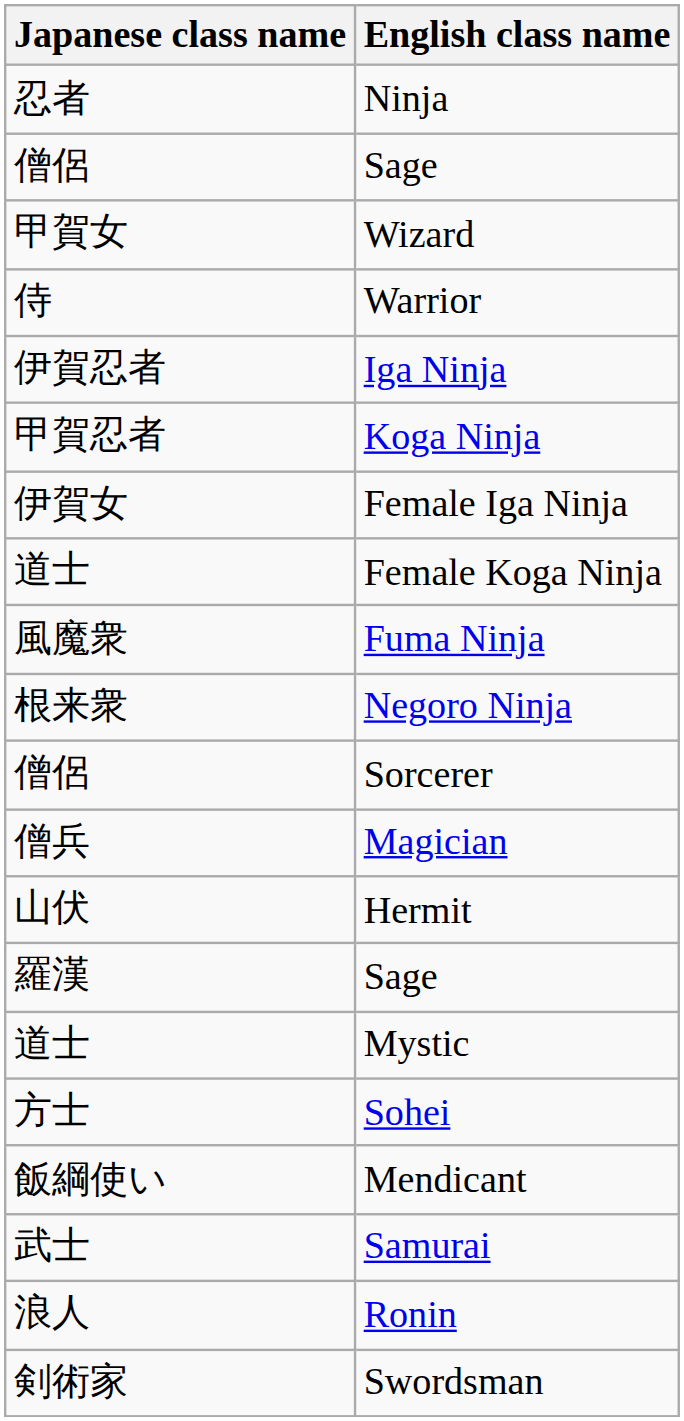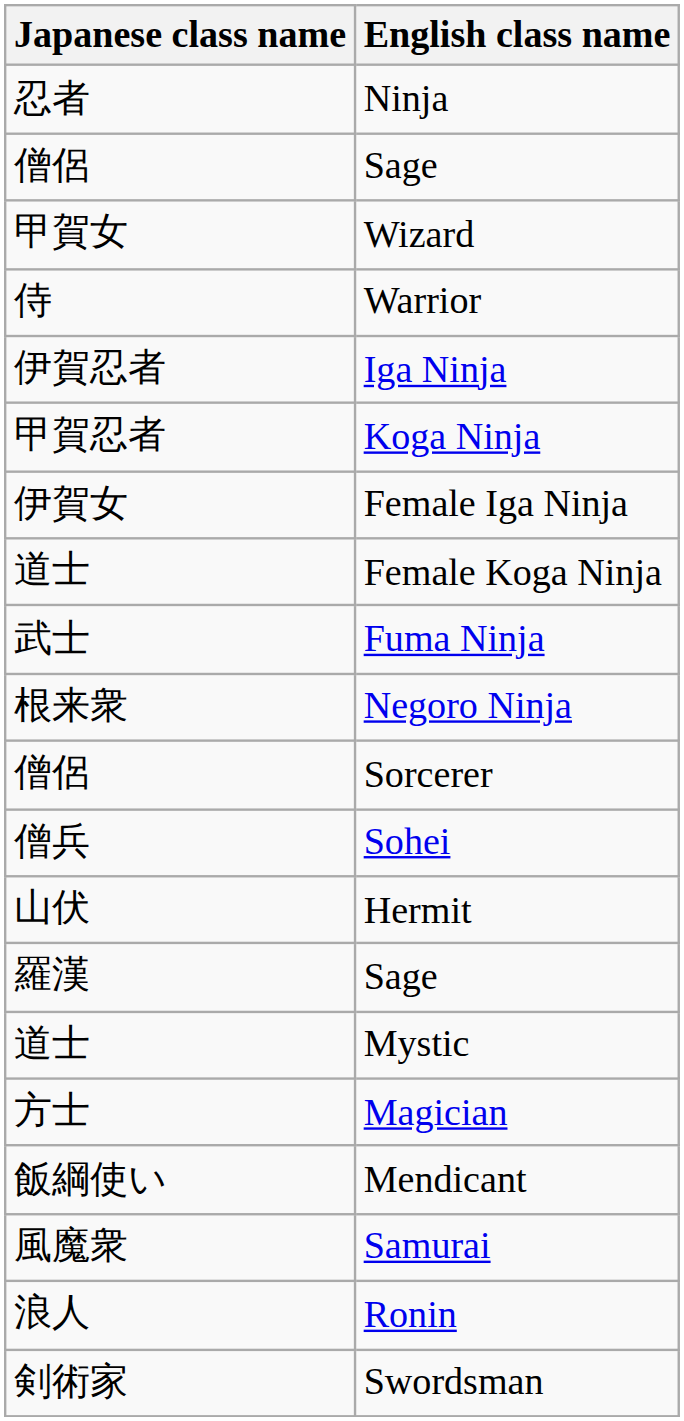 <table class="wikitable">
 <tr>
 <th>Japanese class name</th>
 <th>English class name</th>
 </tr>
 <tr>
 <td>忍者</td>
 <td>Ninja</td>
 </tr>
 <tr>
 <td>僧侶</td>
 <td>Sage</td>
 </tr>
 <tr>
 <td>甲賀女</td>
 <td>Wizard</td>
 </tr>
 <tr>
 <td>侍</td>
 <td>Warrior</td>
 </tr>
 <tr>
 <td>伊賀忍者</td>
 <td><a href='#'>Iga Ninja</a></td>
 </tr>
 <tr>
 <td>甲賀忍者</td>
 <td><a href='#'>Koga Ninja</a></td>
 </tr>
 <tr>
 <td>伊賀女</td>
 <td>Female Iga Ninja</td>
 </tr>
 <tr>
 <td>道士</td>
 <td>Female Koga Ninja</td>
 </tr>
 <tr>
-<td>風魔衆</td>
+<td>武士</td>
 <td><a href='#'>Fuma Ninja</a></td>
 </tr>
 <tr>
 <td>根来衆</td>
 <td><a href='#'>Negoro Ninja</a></td>
 </tr>
 <tr>
 <td>僧侶</td>
 <td>Sorcerer</td>
 </tr>
 <tr>
 <td>僧兵</td>
-<td><a href='#'>Magician</a></td>
+<td><a href='#'>Sohei</a></td>
 </tr>
 <tr>
 <td>山伏</td>
 <td>Hermit</td>
 </tr>
 <tr>
 <td>羅漢</td>
 <td>Sage</td>
 </tr>
 <tr>
 <td>道士</td>
 <td>Mystic</td>
 </tr>
 <tr>
 <td>方士</td>
-<td><a href='#'>Sohei</a></td>
+<td><a href='#'>Magician</a></td>
 </tr>
 <tr>
 <td>飯綱使い</td>
 <td>Mendicant</td>
 </tr>
 <tr>
-<td>武士</td>
+<td>風魔衆</td>
 <td><a href='#'>Samurai</a></td>
 </tr>
 <tr>
 <td>浪人</td>
 <td><a href='#'>Ronin</a></td>
 </tr>
 <tr>
 <td>剣術家</td>
 <td>Swordsman</td>
 </tr>
 <tr>
 </tr>
 </table>
